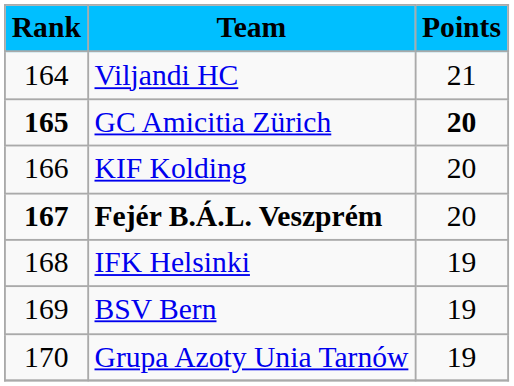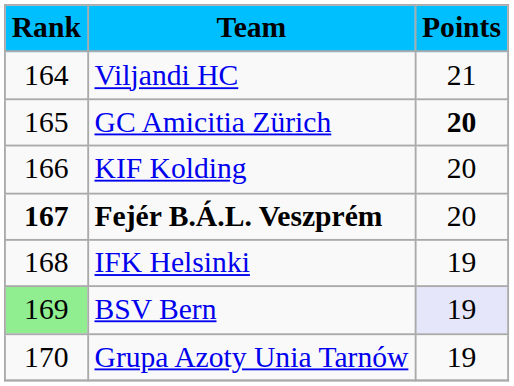 <table class="wikitable" style="text-align: center">
 <tr>
 <th style="color:black; background:#00BFFF">Rank</th>
 <th style="color:black; background:#00BFFF">Team</th>
 <th style="color:black; background:#00BFFF">Points</th>
 </tr>
 <tr>
 <td>164</td>
 <td align=left> <a href='#'>Viljandi HC</a></td>
 <td>21</td>
 </tr>
 <tr>
-<td><strong>165</strong></td>
+<td>165</td>
 <td align=left> <a href='#'>GC Amicitia Zürich</a></td>
 <td><strong>20</strong></td>
 </tr>
 <tr>
 <td>166</td>
 <td align=left> <a href='#'>KIF Kolding</a></td>
 <td>20</td>
 </tr>
 <tr>
 <td><strong>167</strong></td>
 <td align=left> <strong>Fejér B.Á.L. Veszprém</strong></td>
 <td>20</td>
 </tr>
 <tr>
 <td>168</td>
 <td align=left> <a href='#'>IFK Helsinki</a></td>
 <td>19</td>
 </tr>
 <tr>
-<td>169</td>
+<td style="background: lightgreen;">169</td>
 <td align=left> <a href='#'>BSV Bern</a></td>
-<td>19</td>
+<td style="background: lavender;">19</td>
 </tr>
 <tr>
 <td>170</td>
 <td align=left> <a href='#'>Grupa Azoty Unia Tarnów</a></td>
 <td>19</td>
 </tr>
 <tr>
 </tr>
 </table>
